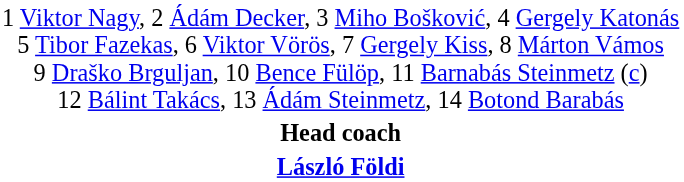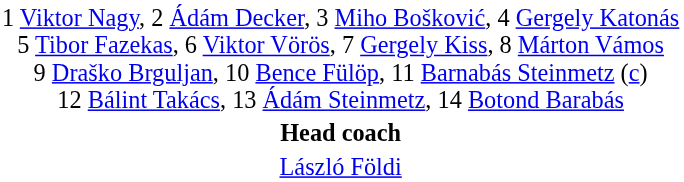 <table style="text-align: center; margin-top: 2em; margin-left: auto; margin-right: auto">
 <tr>
 <td>1 <a href='#'>Viktor Nagy</a>, 2 <a href='#'>Ádám Decker</a>, 3 <a href='#'>Miho Bošković</a>, 4 <a href='#'>Gergely Katonás</a><br>5 <a href='#'>Tibor Fazekas</a>, 6 <a href='#'>Viktor Vörös</a>, 7 <a href='#'>Gergely Kiss</a>, 8 <a href='#'>Márton Vámos</a><br>9 <a href='#'>Draško Brguljan</a>, 10 <a href='#'>Bence Fülöp</a>, 11 <a href='#'>Barnabás Steinmetz</a> (<a href='#'>c</a>)<br>12 <a href='#'>Bálint Takács</a>, 13 <a href='#'>Ádám Steinmetz</a>, 14 <a href='#'>Botond Barabás</a></td>
 </tr>
 <tr>
 <td><strong>Head coach</strong></td>
 </tr>
 <tr>
-<td><strong><a href='#'>László Földi</a></strong></td>
+<td><a href='#'>László Földi</a></td>
 </tr>
 </table>
